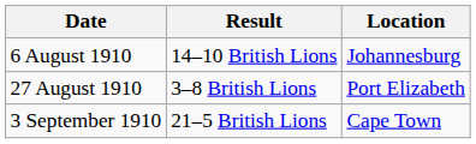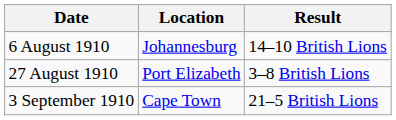 <table class="wikitable" style="align:center;">
 <tr>
 <th>Date</th>
+<th>Location</th>
 <th>Result</th>
-<th>Location</th>
 </tr>
 <tr>
 <td>6 August 1910</td>
+<td><a href='#'>Johannesburg</a></td>
 <td> 14–10  <a href='#'>British Lions</a></td>
-<td><a href='#'>Johannesburg</a></td>
 </tr>
 <tr>
 <td>27 August 1910</td>
+<td><a href='#'>Port Elizabeth</a></td>
 <td> 3–8  <a href='#'>British Lions</a></td>
-<td><a href='#'>Port Elizabeth</a></td>
 </tr>
 <tr>
 <td>3 September 1910</td>
+<td><a href='#'>Cape Town</a></td>
 <td> 21–5  <a href='#'>British Lions</a></td>
-<td><a href='#'>Cape Town</a></td>
 </tr>
 </table>
